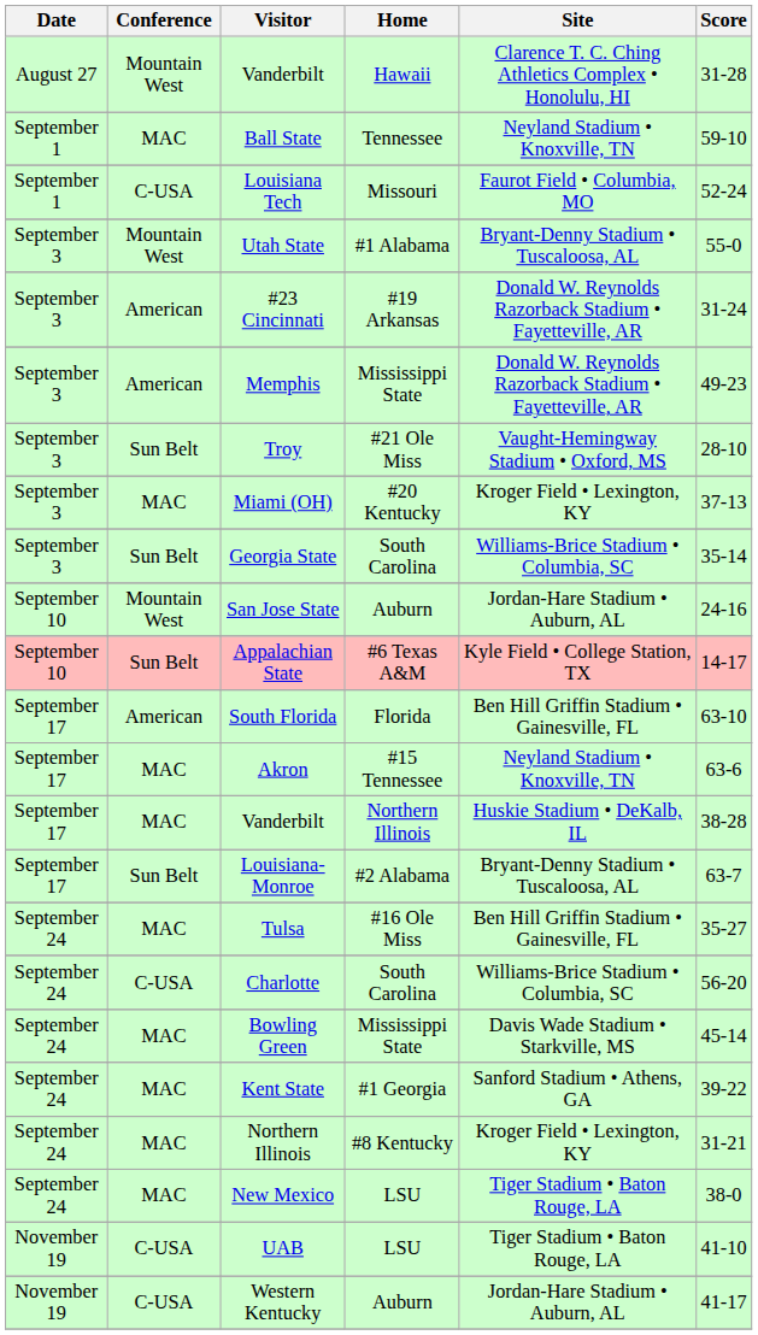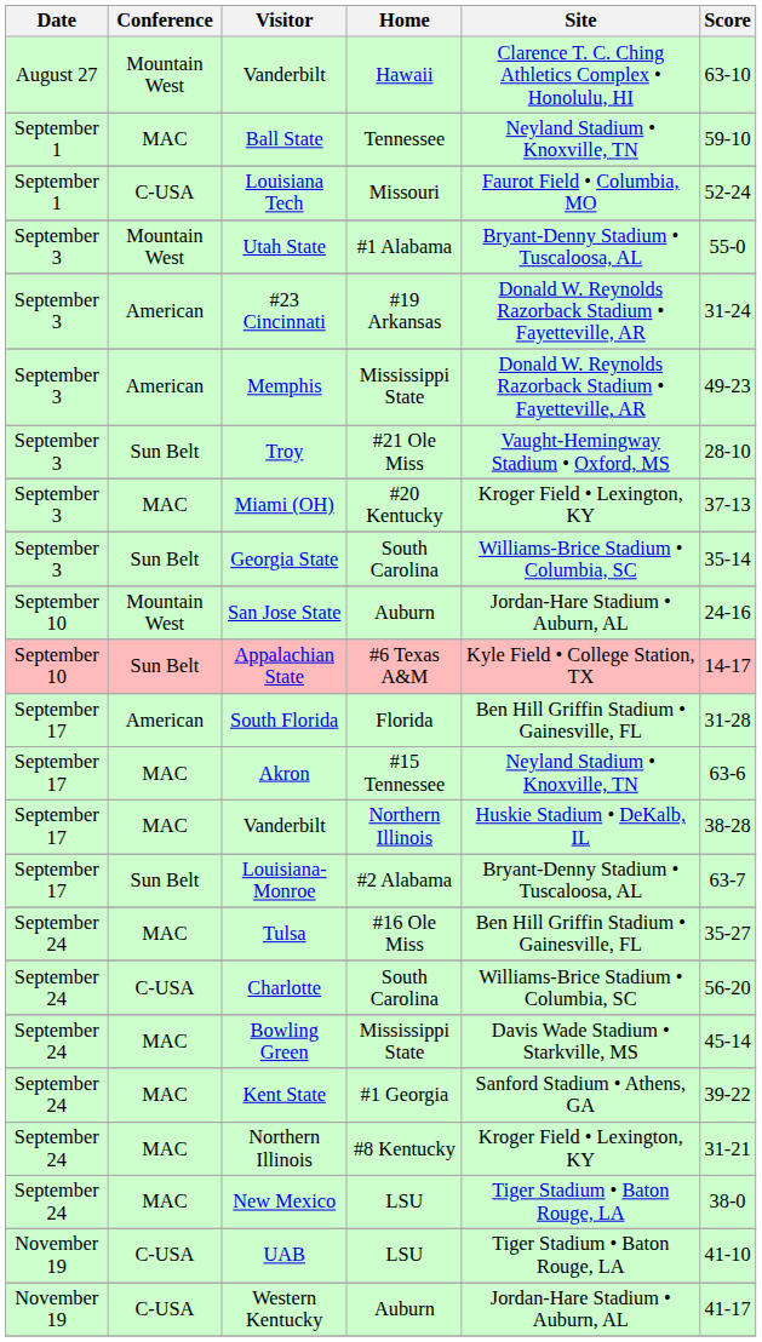 <table class="wikitable" style="text-align:center">
 <tr>
 <th>Date</th>
 <th>Conference</th>
 <th>Visitor</th>
 <th>Home</th>
 <th>Site</th>
 <th>Score</th>
 </tr>
 <tr style="background:#ccffcc;">
 <td>August 27</td>
 <td>Mountain West</td>
 <td>Vanderbilt</td>
 <td><a href='#'>Hawaii</a></td>
 <td><a href='#'>Clarence T. C. Ching Athletics Complex</a> • <a href='#'>Honolulu, HI</a></td>
-<td>31-28</td>
+<td>63-10</td>
 </tr>
 <tr>
 </tr>
 <tr style="background:#ccffcc;">
 <td>September 1</td>
 <td>MAC</td>
 <td><a href='#'>Ball State</a></td>
 <td>Tennessee</td>
 <td><a href='#'>Neyland Stadium</a> • <a href='#'>Knoxville, TN</a></td>
 <td>59-10</td>
 </tr>
 <tr>
 </tr>
 <tr style="background:#ccffcc;">
 <td>September 1</td>
 <td>C-USA</td>
 <td><a href='#'>Louisiana Tech</a></td>
 <td>Missouri</td>
 <td><a href='#'>Faurot Field</a> • <a href='#'>Columbia, MO</a></td>
 <td>52-24</td>
 </tr>
 <tr>
 </tr>
 <tr style="background:#ccffcc;">
 <td>September 3</td>
 <td>Mountain West</td>
 <td><a href='#'>Utah State</a></td>
 <td>#1 Alabama</td>
 <td><a href='#'>Bryant-Denny Stadium</a> • <a href='#'>Tuscaloosa, AL</a></td>
 <td>55-0</td>
 </tr>
 <tr>
 </tr>
 <tr style="background:#ccffcc;">
 <td>September 3</td>
 <td>American</td>
 <td>#23 <a href='#'>Cincinnati</a></td>
 <td>#19 Arkansas</td>
 <td><a href='#'>Donald W. Reynolds Razorback Stadium</a> • <a href='#'>Fayetteville, AR</a></td>
 <td>31-24</td>
 </tr>
 <tr>
 </tr>
 <tr style="background:#ccffcc;">
 <td>September 3</td>
 <td>American</td>
 <td><a href='#'>Memphis</a></td>
 <td>Mississippi State</td>
 <td><a href='#'>Donald W. Reynolds Razorback Stadium</a> • <a href='#'>Fayetteville, AR</a></td>
 <td>49-23</td>
 </tr>
 <tr>
 </tr>
 <tr style="background:#ccffcc;">
 <td>September 3</td>
 <td>Sun Belt</td>
 <td><a href='#'>Troy</a></td>
 <td>#21 Ole Miss</td>
 <td><a href='#'>Vaught-Hemingway Stadium</a> • <a href='#'>Oxford, MS</a></td>
 <td>28-10</td>
 </tr>
 <tr>
 </tr>
 <tr style="background:#ccffcc;">
 <td>September 3</td>
 <td>MAC</td>
 <td><a href='#'>Miami (OH)</a></td>
 <td>#20 Kentucky</td>
 <td>Kroger Field • Lexington, KY</td>
 <td>37-13</td>
 </tr>
 <tr>
 </tr>
 <tr style="background:#ccffcc;">
 <td>September 3</td>
 <td>Sun Belt</td>
 <td><a href='#'>Georgia State</a></td>
 <td>South Carolina</td>
 <td><a href='#'>Williams-Brice Stadium</a> • <a href='#'>Columbia, SC</a></td>
 <td>35-14</td>
 </tr>
 <tr>
 </tr>
 <tr style="background:#ccffcc;">
 <td>September 10</td>
 <td>Mountain West</td>
 <td><a href='#'>San Jose State</a></td>
 <td>Auburn</td>
 <td>Jordan-Hare Stadium • Auburn, AL</td>
 <td>24-16</td>
 </tr>
 <tr>
 </tr>
 <tr style="background:#fbb;">
 <td>September 10</td>
 <td>Sun Belt</td>
 <td><a href='#'>Appalachian State</a></td>
 <td>#6 Texas A&M</td>
 <td>Kyle Field • College Station, TX</td>
 <td>14-17</td>
 </tr>
 <tr>
 </tr>
 <tr style="background:#ccffcc;">
 <td>September 17</td>
 <td>American</td>
 <td><a href='#'>South Florida</a></td>
 <td>Florida</td>
 <td>Ben Hill Griffin Stadium • Gainesville, FL</td>
-<td>63-10</td>
+<td>31-28</td>
 </tr>
 <tr>
 </tr>
 <tr style="background:#ccffcc;">
 <td>September 17</td>
 <td>MAC</td>
 <td><a href='#'>Akron</a></td>
 <td>#15 Tennessee</td>
 <td><a href='#'>Neyland Stadium</a> • <a href='#'>Knoxville, TN</a></td>
 <td>63-6</td>
 </tr>
 <tr>
 </tr>
 <tr style="background:#ccffcc;">
 <td>September 17</td>
 <td>MAC</td>
 <td>Vanderbilt</td>
 <td><a href='#'>Northern Illinois</a></td>
 <td><a href='#'>Huskie Stadium</a> • <a href='#'>DeKalb, IL</a></td>
 <td>38-28</td>
 </tr>
 <tr>
 </tr>
 <tr style="background:#ccffcc;">
 <td>September 17</td>
 <td>Sun Belt</td>
 <td><a href='#'>Louisiana-Monroe</a></td>
 <td>#2 Alabama</td>
 <td>Bryant-Denny Stadium • Tuscaloosa, AL</td>
 <td>63-7</td>
 </tr>
 <tr>
 </tr>
 <tr style="background:#ccffcc;">
 <td>September 24</td>
 <td>MAC</td>
 <td><a href='#'>Tulsa</a></td>
 <td>#16 Ole Miss</td>
 <td>Ben Hill Griffin Stadium • Gainesville, FL</td>
 <td>35-27</td>
 </tr>
 <tr>
 </tr>
 <tr style="background:#ccffcc;">
 <td>September 24</td>
 <td>C-USA</td>
 <td><a href='#'>Charlotte</a></td>
 <td>South Carolina</td>
 <td>Williams-Brice Stadium • Columbia, SC</td>
 <td>56-20</td>
 </tr>
 <tr>
 </tr>
 <tr style="background:#ccffcc;">
 <td>September 24</td>
 <td>MAC</td>
 <td><a href='#'>Bowling Green</a></td>
 <td>Mississippi State</td>
 <td>Davis Wade Stadium • Starkville, MS</td>
 <td>45-14</td>
 </tr>
 <tr>
 </tr>
 <tr style="background:#ccffcc;">
 <td>September 24</td>
 <td>MAC</td>
 <td><a href='#'>Kent State</a></td>
 <td>#1 Georgia</td>
 <td>Sanford Stadium • Athens, GA</td>
 <td>39-22</td>
 </tr>
 <tr>
 </tr>
 <tr style="background:#ccffcc;">
 <td>September 24</td>
 <td>MAC</td>
 <td>Northern Illinois</td>
 <td>#8 Kentucky</td>
 <td>Kroger Field • Lexington, KY</td>
 <td>31-21</td>
 </tr>
 <tr>
 </tr>
 <tr style="background:#ccffcc;">
 <td>September 24</td>
 <td>MAC</td>
 <td><a href='#'>New Mexico</a></td>
 <td>LSU</td>
 <td><a href='#'>Tiger Stadium</a> • <a href='#'>Baton Rouge, LA</a></td>
 <td>38-0</td>
 </tr>
 <tr>
 </tr>
 <tr style="background:#ccffcc;”">
 <td>November 19</td>
 <td>C-USA</td>
 <td><a href='#'>UAB</a></td>
 <td>LSU</td>
 <td>Tiger Stadium • Baton Rouge, LA</td>
 <td>41-10</td>
 </tr>
 <tr>
 </tr>
 <tr style="background:#ccffcc;">
 <td>November 19</td>
 <td>C-USA</td>
 <td>Western Kentucky</td>
 <td>Auburn</td>
 <td>Jordan-Hare Stadium • Auburn, AL</td>
 <td>41-17</td>
 </tr>
 <tr>
 </tr>
 </table>
